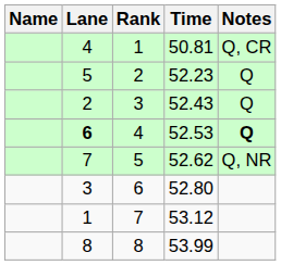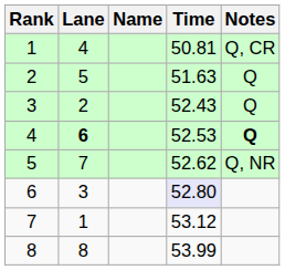 <table class="wikitable sortable" style="text-align:center">
 <tr>
+<th>Rank</th>
+<th>Lane</th>
 <th>Name</th>
-<th>Lane</th>
-<th>Rank</th>
 <th>Time</th>
 <th>Notes</th>
 </tr>
 <tr bgcolor=ccffcc>
+<td>1</td>
+<td>4</td>
 <td align=left></td>
-<td>4</td>
-<td>1</td>
 <td>50.81</td>
 <td>Q, CR</td>
 </tr>
 <tr bgcolor=ccffcc>
+<td>2</td>
+<td>5</td>
 <td align=left></td>
-<td>5</td>
-<td>2</td>
-<td>52.23</td>
+<td>51.63</td>
 <td>Q</td>
 </tr>
 <tr bgcolor=ccffcc>
+<td>3</td>
+<td>2</td>
 <td align=left></td>
-<td>2</td>
-<td>3</td>
 <td>52.43</td>
 <td>Q</td>
 </tr>
 <tr bgcolor=ccffcc>
+<td>4</td>
+<td><strong>6</strong></td>
 <td align=left></td>
-<td><strong>6</strong></td>
-<td>4</td>
 <td>52.53</td>
 <td><strong>Q</strong></td>
 </tr>
 <tr bgcolor=ccffcc>
+<td>5</td>
+<td>7</td>
 <td align=left></td>
-<td>7</td>
-<td>5</td>
 <td>52.62</td>
 <td>Q, NR</td>
 </tr>
 <tr>
+<td>6</td>
+<td>3</td>
 <td align=left></td>
-<td>3</td>
-<td>6</td>
-<td>52.80</td>
+<td style="background: lavender;">52.80</td>
 <td></td>
 </tr>
 <tr>
+<td>7</td>
+<td>1</td>
 <td align=left></td>
-<td>1</td>
-<td>7</td>
 <td>53.12</td>
 <td></td>
 </tr>
 <tr>
-<td align=left></td>
 <td>8</td>
 <td>8</td>
+<td align=left></td>
 <td>53.99</td>
 <td></td>
 </tr>
 </table>
